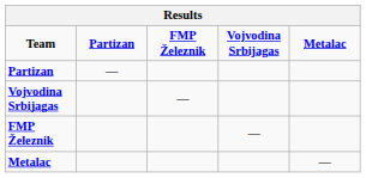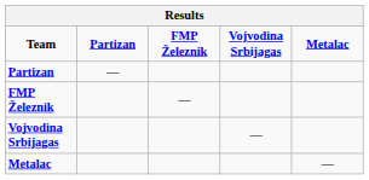 <table class="wikitable" style="text-align: center; font-size:95%" align="left">
 <tr>
 <th colspan=5>Results</th>
 </tr>
 <tr>
 <td width="80"><strong>Team</strong></td>
 <td width="80"><strong><a href='#'>Partizan</a></strong></td>
 <td width="80"><strong><a href='#'>FMP Železnik</a></strong></td>
 <td width="80"><strong><a href='#'>Vojvodina Srbijagas</a></strong></td>
 <td width="80"><strong><a href='#'>Metalac</a></strong></td>
 </tr>
 <tr>
 <td align="left"><strong><a href='#'>Partizan</a></strong></td>
 <td>—</td>
 <td></td>
 <td></td>
 <td></td>
 </tr>
 <tr>
-<td align="left"><strong><a href='#'>Vojvodina Srbijagas</a></strong></td>
+<td align="left"><strong><a href='#'>FMP Železnik</a></strong></td>
 <td></td>
 <td>—</td>
 <td></td>
 <td></td>
 </tr>
 <tr>
-<td align="left"><strong><a href='#'>FMP Železnik</a></strong></td>
+<td align="left"><strong><a href='#'>Vojvodina Srbijagas</a></strong></td>
 <td></td>
 <td></td>
 <td>—</td>
 <td></td>
 </tr>
 <tr>
 <td align="left"><strong><a href='#'>Metalac</a></strong></td>
 <td></td>
 <td></td>
 <td></td>
 <td>—</td>
 </tr>
 </table>
